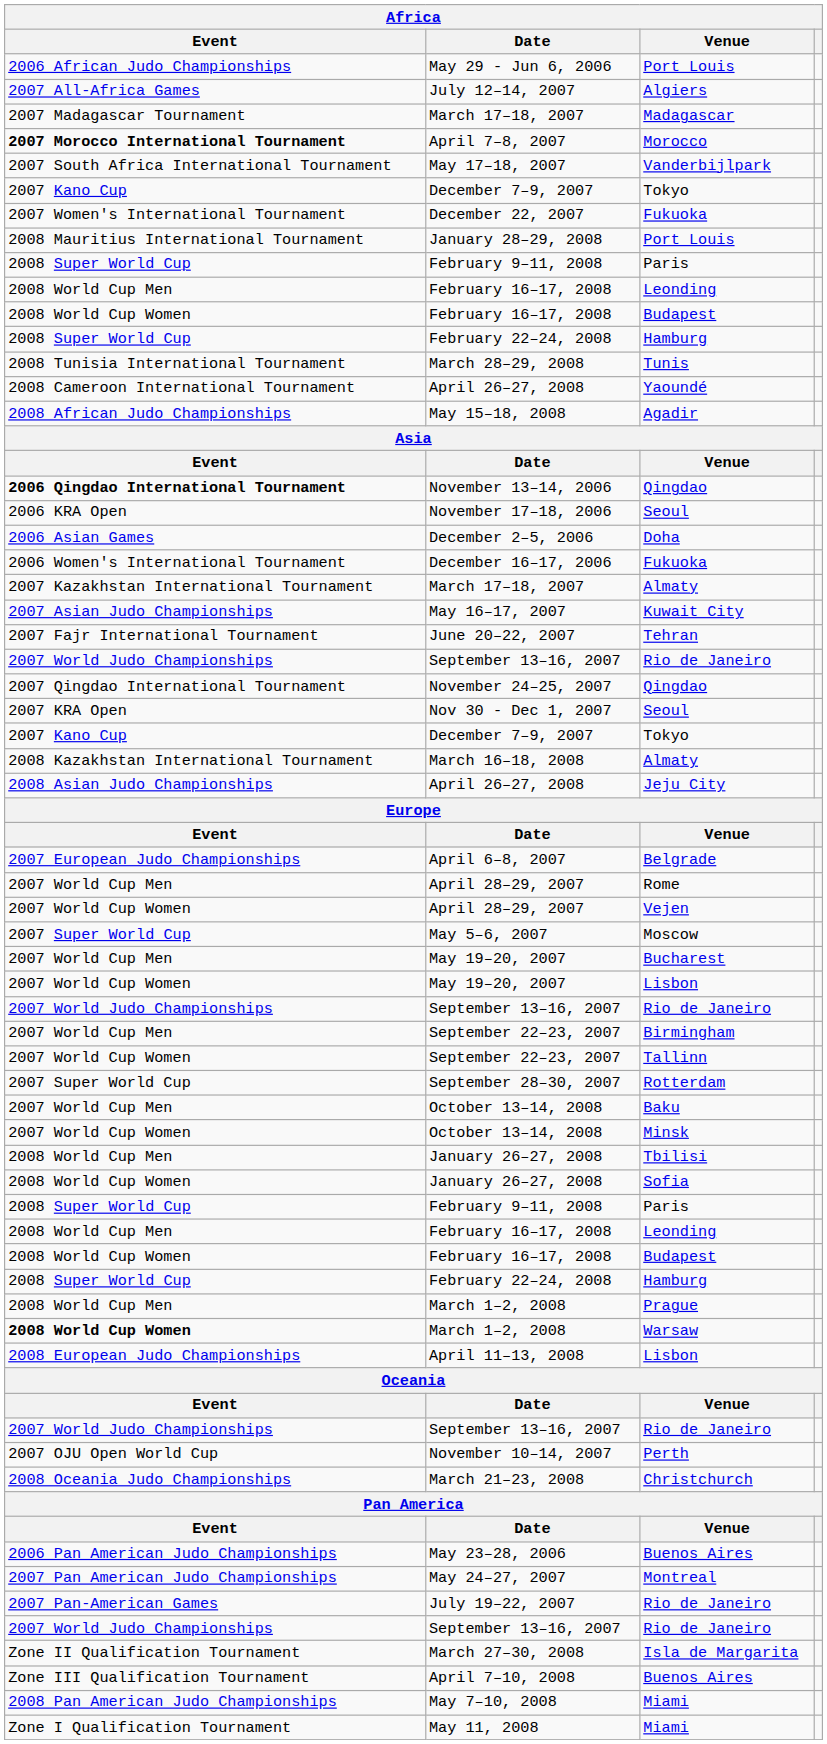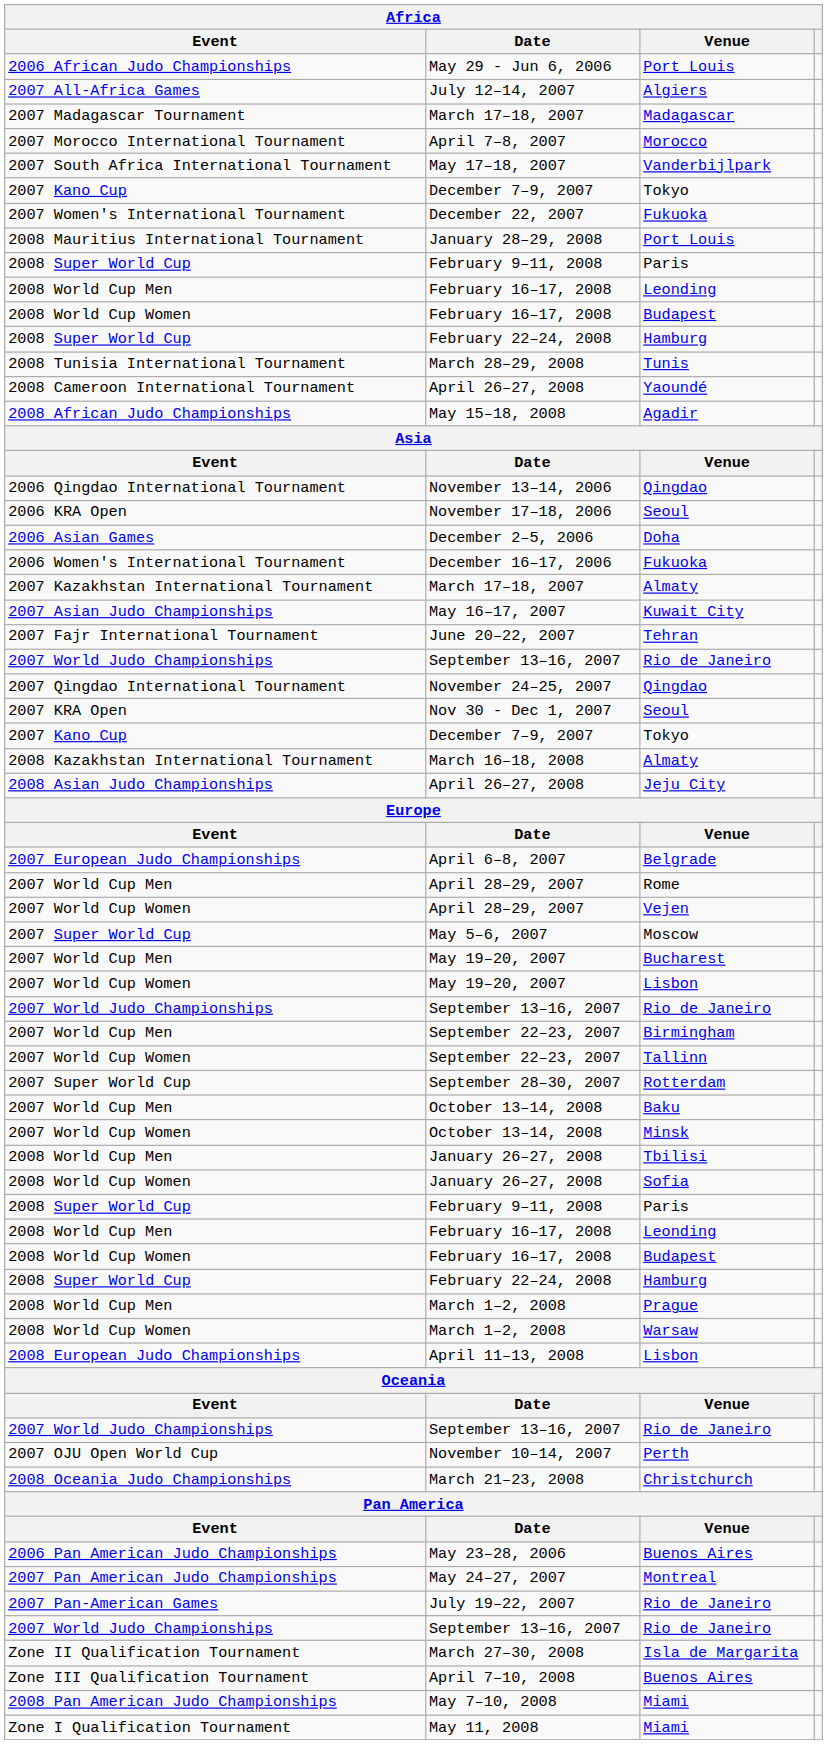 <table class="wikitable" width=700>
 <tr>
 <th colspan="4"><a href='#'>Africa</a></th>
 </tr>
 <tr>
 <th>Event</th>
 <th>Date</th>
 <th>Venue</th>
 <th></th>
 </tr>
 <tr>
 <td><a href='#'>2006 African Judo Championships</a></td>
 <td>May 29 - Jun 6, 2006</td>
 <td> <a href='#'>Port Louis</a></td>
 <td></td>
 </tr>
 <tr>
 <td><a href='#'>2007 All-Africa Games</a></td>
 <td>July 12–14, 2007</td>
 <td> <a href='#'>Algiers</a></td>
 <td></td>
 </tr>
 <tr>
 <td>2007 Madagascar Tournament</td>
 <td>March 17–18, 2007</td>
 <td> <a href='#'>Madagascar</a></td>
 <td></td>
 </tr>
 <tr>
-<td><strong>2007 Morocco International Tournament</strong></td>
+<td>2007 Morocco International Tournament</td>
 <td>April 7–8, 2007</td>
 <td> <a href='#'>Morocco</a></td>
 <td></td>
 </tr>
 <tr>
 <td>2007 South Africa International Tournament</td>
 <td>May 17–18, 2007</td>
 <td> <a href='#'>Vanderbijlpark</a></td>
 <td></td>
 </tr>
 <tr>
 <td>2007 <a href='#'>Kano Cup</a></td>
 <td>December 7–9, 2007</td>
 <td> Tokyo</td>
 <td></td>
 </tr>
 <tr>
 <td>2007 Women's International Tournament</td>
 <td>December 22, 2007</td>
 <td> <a href='#'>Fukuoka</a></td>
 <td></td>
 </tr>
 <tr>
 <td>2008 Mauritius International Tournament</td>
 <td>January 28–29, 2008</td>
 <td> <a href='#'>Port Louis</a></td>
 <td></td>
 </tr>
 <tr>
 <td>2008 <a href='#'>Super World Cup</a></td>
 <td>February 9–11, 2008</td>
 <td> Paris</td>
 <td></td>
 </tr>
 <tr>
 <td>2008 World Cup Men</td>
 <td>February 16–17, 2008</td>
 <td> <a href='#'>Leonding</a></td>
 <td></td>
 </tr>
 <tr>
 <td>2008 World Cup Women</td>
 <td>February 16–17, 2008</td>
 <td> <a href='#'>Budapest</a></td>
 <td></td>
 </tr>
 <tr>
 <td>2008 <a href='#'>Super World Cup</a></td>
 <td>February 22–24, 2008</td>
 <td> <a href='#'>Hamburg</a></td>
 <td></td>
 </tr>
 <tr>
 <td>2008 Tunisia International Tournament</td>
 <td>March 28–29, 2008</td>
 <td> <a href='#'>Tunis</a></td>
 <td></td>
 </tr>
 <tr>
 <td>2008 Cameroon International Tournament</td>
 <td>April 26–27, 2008</td>
 <td> <a href='#'>Yaoundé</a></td>
 <td></td>
 </tr>
 <tr>
 <td><a href='#'>2008 African Judo Championships</a></td>
 <td>May 15–18, 2008</td>
 <td> <a href='#'>Agadir</a></td>
 <td></td>
 </tr>
 <tr>
 <th colspan="4"><a href='#'>Asia</a></th>
 </tr>
 <tr>
 <th>Event</th>
 <th>Date</th>
 <th>Venue</th>
 <th></th>
 </tr>
 <tr>
-<td><strong>2006 Qingdao International Tournament</strong></td>
+<td>2006 Qingdao International Tournament</td>
 <td>November 13–14, 2006</td>
 <td> <a href='#'>Qingdao</a></td>
 <td></td>
 </tr>
 <tr>
 <td>2006 KRA Open</td>
 <td>November 17–18, 2006</td>
 <td> <a href='#'>Seoul</a></td>
 <td></td>
 </tr>
 <tr>
 <td><a href='#'>2006 Asian Games</a></td>
 <td>December 2–5, 2006</td>
 <td> <a href='#'>Doha</a></td>
 <td></td>
 </tr>
 <tr>
 <td>2006 Women's International Tournament</td>
 <td>December 16–17, 2006</td>
 <td> <a href='#'>Fukuoka</a></td>
 <td></td>
 </tr>
 <tr>
 <td>2007 Kazakhstan International Tournament</td>
 <td>March 17–18, 2007</td>
 <td> <a href='#'>Almaty</a></td>
 <td></td>
 </tr>
 <tr>
 <td><a href='#'>2007 Asian Judo Championships</a></td>
 <td>May 16–17, 2007</td>
 <td> <a href='#'>Kuwait City</a></td>
 <td></td>
 </tr>
 <tr>
 <td>2007 Fajr International Tournament</td>
 <td>June 20–22, 2007</td>
 <td> <a href='#'>Tehran</a></td>
 <td></td>
 </tr>
 <tr>
 <td><a href='#'>2007 World Judo Championships</a></td>
 <td>September 13–16, 2007</td>
 <td> <a href='#'>Rio de Janeiro</a></td>
 <td></td>
 </tr>
 <tr>
 <td>2007 Qingdao International Tournament</td>
 <td>November 24–25, 2007</td>
 <td> <a href='#'>Qingdao</a></td>
 <td></td>
 </tr>
 <tr>
 <td>2007 KRA Open</td>
 <td>Nov 30 - Dec 1, 2007</td>
 <td> <a href='#'>Seoul</a></td>
 <td></td>
 </tr>
 <tr>
 <td>2007 <a href='#'>Kano Cup</a></td>
 <td>December 7–9, 2007</td>
 <td> Tokyo</td>
 <td></td>
 </tr>
 <tr>
 <td>2008 Kazakhstan International Tournament</td>
 <td>March 16–18, 2008</td>
 <td> <a href='#'>Almaty</a></td>
 <td></td>
 </tr>
 <tr>
 <td><a href='#'>2008 Asian Judo Championships</a></td>
 <td>April 26–27, 2008</td>
 <td> <a href='#'>Jeju City</a></td>
 <td></td>
 </tr>
 <tr>
 <th colspan="4"><a href='#'>Europe</a></th>
 </tr>
 <tr>
 <th>Event</th>
 <th>Date</th>
 <th>Venue</th>
 <th></th>
 </tr>
 <tr>
 <td><a href='#'>2007 European Judo Championships</a></td>
 <td>April 6–8, 2007</td>
 <td> <a href='#'>Belgrade</a></td>
 <td></td>
 </tr>
 <tr>
 <td>2007 World Cup Men</td>
 <td>April 28–29, 2007</td>
 <td> Rome</td>
 <td></td>
 </tr>
 <tr>
 <td>2007 World Cup Women</td>
 <td>April 28–29, 2007</td>
 <td> <a href='#'>Vejen</a></td>
 <td></td>
 </tr>
 <tr>
 <td>2007 <a href='#'>Super World Cup</a></td>
 <td>May 5–6, 2007</td>
 <td> Moscow</td>
 <td></td>
 </tr>
 <tr>
 <td>2007 World Cup Men</td>
 <td>May 19–20, 2007</td>
 <td> <a href='#'>Bucharest</a></td>
 <td></td>
 </tr>
 <tr>
 <td>2007 World Cup Women</td>
 <td>May 19–20, 2007</td>
 <td> <a href='#'>Lisbon</a></td>
 <td></td>
 </tr>
 <tr>
 <td><a href='#'>2007 World Judo Championships</a></td>
 <td>September 13–16, 2007</td>
 <td> <a href='#'>Rio de Janeiro</a></td>
 <td></td>
 </tr>
 <tr>
 <td>2007 World Cup Men</td>
 <td>September 22–23, 2007</td>
 <td> <a href='#'>Birmingham</a></td>
 <td></td>
 </tr>
 <tr>
 <td>2007 World Cup Women</td>
 <td>September 22–23, 2007</td>
 <td> <a href='#'>Tallinn</a></td>
 <td></td>
 </tr>
 <tr>
 <td>2007 Super World Cup</td>
 <td>September 28–30, 2007</td>
 <td> <a href='#'>Rotterdam</a></td>
 <td></td>
 </tr>
 <tr>
 <td>2007 World Cup Men</td>
 <td>October 13–14, 2008</td>
 <td> <a href='#'>Baku</a></td>
 <td></td>
 </tr>
 <tr>
 <td>2007 World Cup Women</td>
 <td>October 13–14, 2008</td>
 <td> <a href='#'>Minsk</a></td>
 <td></td>
 </tr>
 <tr>
 <td>2008 World Cup Men</td>
 <td>January 26–27, 2008</td>
 <td> <a href='#'>Tbilisi</a></td>
 <td></td>
 </tr>
 <tr>
 <td>2008 World Cup Women</td>
 <td>January 26–27, 2008</td>
 <td> <a href='#'>Sofia</a></td>
 <td></td>
 </tr>
 <tr>
 <td>2008 <a href='#'>Super World Cup</a></td>
 <td>February 9–11, 2008</td>
 <td> Paris</td>
 <td></td>
 </tr>
 <tr>
 <td>2008 World Cup Men</td>
 <td>February 16–17, 2008</td>
 <td> <a href='#'>Leonding</a></td>
 <td></td>
 </tr>
 <tr>
 <td>2008 World Cup Women</td>
 <td>February 16–17, 2008</td>
 <td> <a href='#'>Budapest</a></td>
 <td></td>
 </tr>
 <tr>
 <td>2008 <a href='#'>Super World Cup</a></td>
 <td>February 22–24, 2008</td>
 <td> <a href='#'>Hamburg</a></td>
 <td></td>
 </tr>
 <tr>
 <td>2008 World Cup Men</td>
 <td>March 1–2, 2008</td>
 <td> <a href='#'>Prague</a></td>
 <td></td>
 </tr>
 <tr>
-<td><strong>2008 World Cup Women</strong></td>
+<td>2008 World Cup Women</td>
 <td>March 1–2, 2008</td>
 <td> <a href='#'>Warsaw</a></td>
 <td></td>
 </tr>
 <tr>
 <td><a href='#'>2008 European Judo Championships</a></td>
 <td>April 11–13, 2008</td>
 <td> <a href='#'>Lisbon</a></td>
 <td></td>
 </tr>
 <tr>
 <th colspan="4"><a href='#'>Oceania</a></th>
 </tr>
 <tr>
 <th>Event</th>
 <th>Date</th>
 <th>Venue</th>
 <th></th>
 </tr>
 <tr>
 <td><a href='#'>2007 World Judo Championships</a></td>
 <td>September 13–16, 2007</td>
 <td> <a href='#'>Rio de Janeiro</a></td>
 <td></td>
 </tr>
 <tr>
 <td>2007 OJU Open World Cup</td>
 <td>November 10–14, 2007</td>
 <td> <a href='#'>Perth</a></td>
 <td></td>
 </tr>
 <tr>
 <td><a href='#'>2008 Oceania Judo Championships</a></td>
 <td>March 21–23, 2008</td>
 <td> <a href='#'>Christchurch</a></td>
 <td></td>
 </tr>
 <tr>
 <th colspan="4"><a href='#'>Pan America</a></th>
 </tr>
 <tr>
 <th>Event</th>
 <th>Date</th>
 <th>Venue</th>
 <th></th>
 </tr>
 <tr>
 <td><a href='#'>2006 Pan American Judo Championships</a></td>
 <td>May 23–28, 2006</td>
 <td> <a href='#'>Buenos Aires</a></td>
 <td></td>
 </tr>
 <tr>
 <td><a href='#'>2007 Pan American Judo Championships</a></td>
 <td>May 24–27, 2007</td>
 <td> <a href='#'>Montreal</a></td>
 <td></td>
 </tr>
 <tr>
 <td><a href='#'>2007 Pan-American Games</a></td>
 <td>July 19–22, 2007</td>
 <td> <a href='#'>Rio de Janeiro</a></td>
 <td></td>
 </tr>
 <tr>
 <td><a href='#'>2007 World Judo Championships</a></td>
 <td>September 13–16, 2007</td>
 <td> <a href='#'>Rio de Janeiro</a></td>
 <td></td>
 </tr>
 <tr>
 <td>Zone II Qualification Tournament</td>
 <td>March 27–30, 2008</td>
 <td> <a href='#'>Isla de Margarita</a></td>
 <td></td>
 </tr>
 <tr>
 <td>Zone III Qualification Tournament</td>
 <td>April 7–10, 2008</td>
 <td> <a href='#'>Buenos Aires</a></td>
 <td></td>
 </tr>
 <tr>
 <td><a href='#'>2008 Pan American Judo Championships</a></td>
 <td>May 7–10, 2008</td>
 <td> <a href='#'>Miami</a></td>
 <td></td>
 </tr>
 <tr>
 <td>Zone I Qualification Tournament</td>
 <td>May 11, 2008</td>
 <td> <a href='#'>Miami</a></td>
 <td></td>
 </tr>
 </table>
